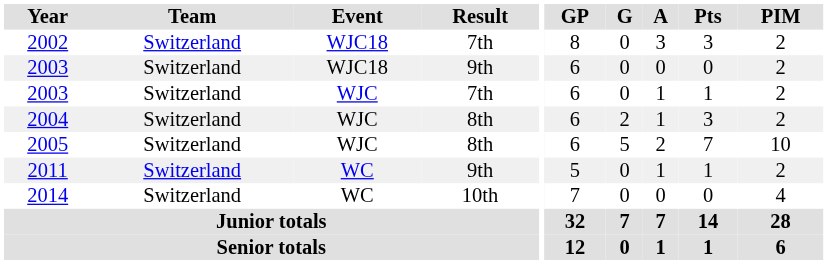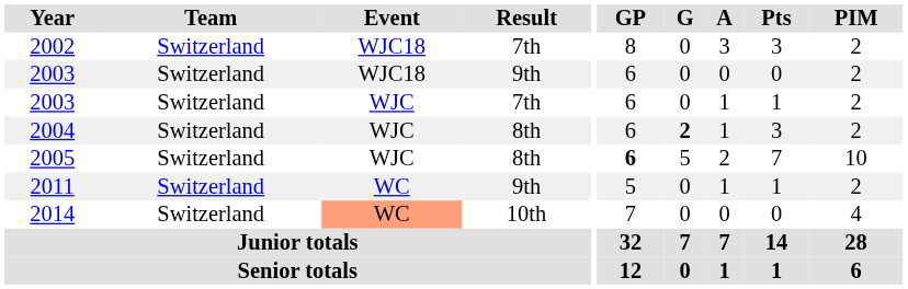 <table border="0" cellpadding="1" cellspacing="0" ID="Table3" style="text-align:center; width:40em">
 <tr ALIGN="center" bgcolor="#e0e0e0">
 <th>Year</th>
 <th>Team</th>
 <th>Event</th>
 <th>Result</th>
 <th rowspan="99" bgcolor="#ffffff"></th>
 <th>GP</th>
 <th>G</th>
 <th>A</th>
 <th>Pts</th>
 <th>PIM</th>
 </tr>
 <tr>
 <td><a href='#'>2002</a></td>
 <td><a href='#'>Switzerland</a></td>
 <td><a href='#'>WJC18</a></td>
 <td>7th</td>
 <td>8</td>
 <td>0</td>
 <td>3</td>
 <td>3</td>
 <td>2</td>
 </tr>
 <tr bgcolor="#f0f0f0">
 <td><a href='#'>2003</a></td>
 <td>Switzerland</td>
 <td>WJC18</td>
 <td>9th</td>
 <td>6</td>
 <td>0</td>
 <td>0</td>
 <td>0</td>
 <td>2</td>
 </tr>
 <tr>
 <td><a href='#'>2003</a></td>
 <td>Switzerland</td>
 <td><a href='#'>WJC</a></td>
 <td>7th</td>
 <td>6</td>
 <td>0</td>
 <td>1</td>
 <td>1</td>
 <td>2</td>
 </tr>
 <tr bgcolor="#f0f0f0">
 <td><a href='#'>2004</a></td>
 <td>Switzerland</td>
 <td>WJC</td>
 <td>8th</td>
 <td>6</td>
-<td>2</td>
+<td><strong>2</strong></td>
 <td>1</td>
 <td>3</td>
 <td>2</td>
 </tr>
 <tr>
 <td><a href='#'>2005</a></td>
 <td>Switzerland</td>
 <td>WJC</td>
 <td>8th</td>
-<td>6</td>
+<td><strong>6</strong></td>
 <td>5</td>
 <td>2</td>
 <td>7</td>
 <td>10</td>
 </tr>
 <tr bgcolor="#f0f0f0">
 <td><a href='#'>2011</a></td>
 <td><a href='#'>Switzerland</a></td>
 <td><a href='#'>WC</a></td>
 <td>9th</td>
 <td>5</td>
 <td>0</td>
 <td>1</td>
 <td>1</td>
 <td>2</td>
 </tr>
 <tr>
 <td><a href='#'>2014</a></td>
 <td>Switzerland</td>
-<td>WC</td>
+<td style="background: lightsalmon;">WC</td>
 <td>10th</td>
 <td>7</td>
 <td>0</td>
 <td>0</td>
 <td>0</td>
 <td>4</td>
 </tr>
 <tr bgcolor="#e0e0e0">
 <th colspan="4">Junior totals</th>
 <th>32</th>
 <th>7</th>
 <th>7</th>
 <th>14</th>
 <th>28</th>
 </tr>
 <tr bgcolor="#e0e0e0">
 <th colspan="4">Senior totals</th>
 <th>12</th>
 <th>0</th>
 <th>1</th>
 <th>1</th>
 <th>6</th>
 </tr>
 </table>
